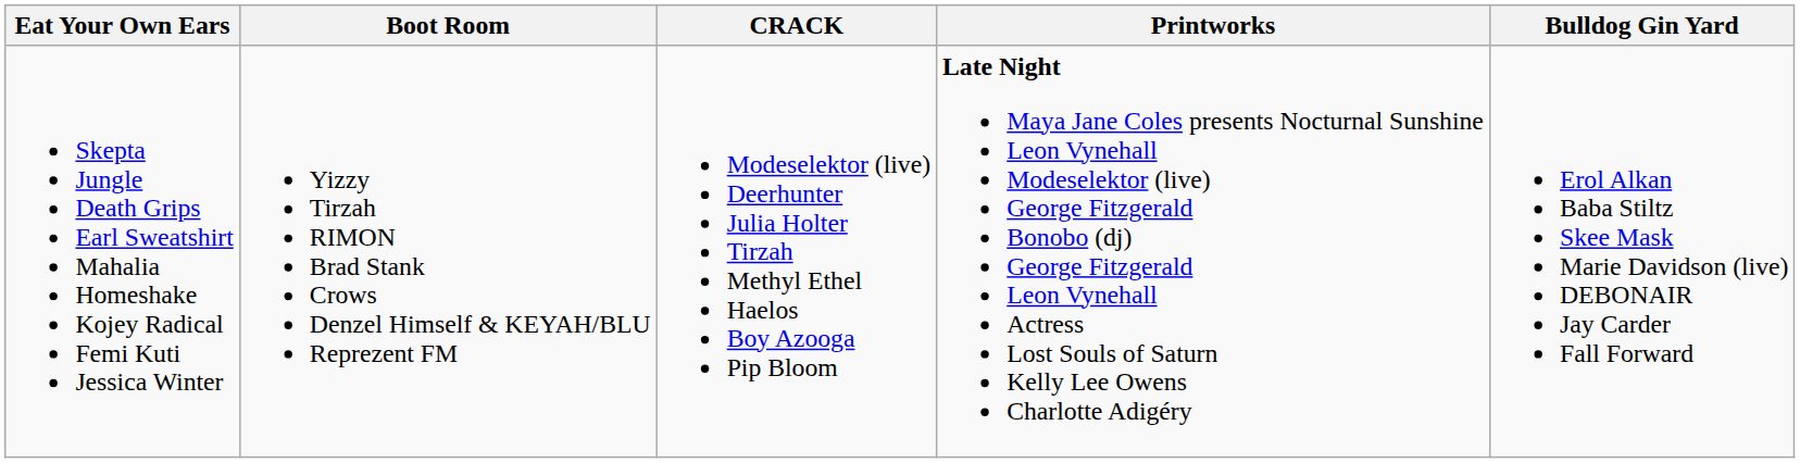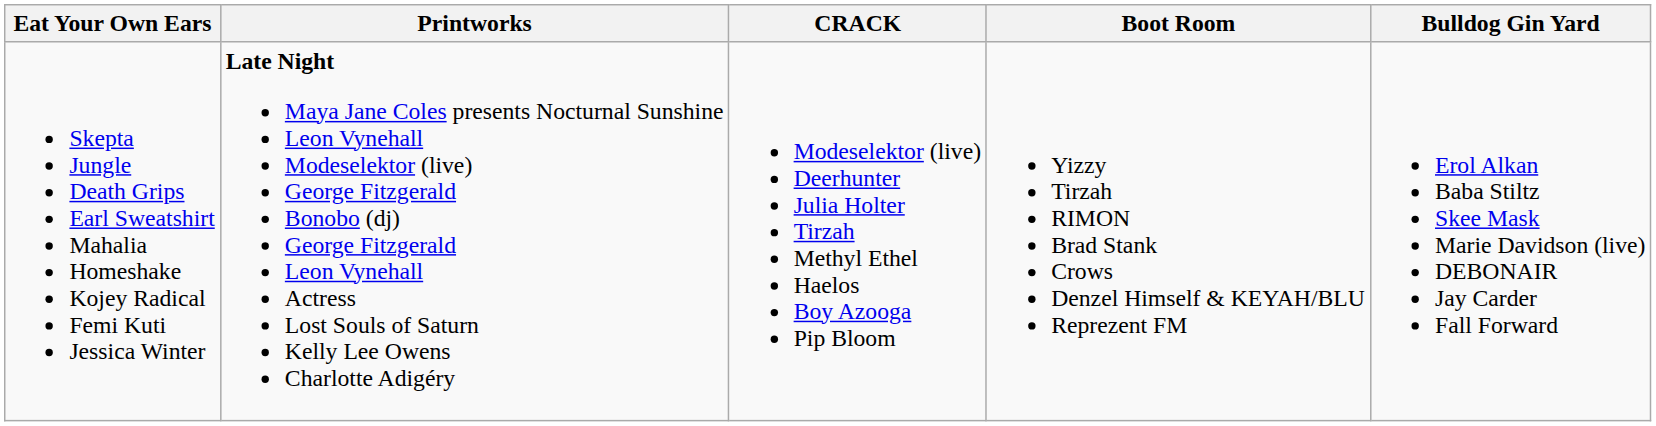 <table class="wikitable">
 <tr>
 <th>Eat Your Own Ears</th>
+<th>Printworks</th>
+<th>CRACK</th>
 <th>Boot Room</th>
-<th>CRACK</th>
-<th>Printworks</th>
 <th>Bulldog Gin Yard</th>
 </tr>
 <tr>
 <td><br><ul><li><a href='#'>Skepta</a></li><li><a href='#'>Jungle</a></li><li><a href='#'>Death Grips</a></li><li><a href='#'>Earl Sweatshirt</a></li><li>Mahalia</li><li>Homeshake</li><li>Kojey Radical</li><li>Femi Kuti</li><li>Jessica Winter</li></ul></td>
+<td><strong>Late Night</strong><br><ul><li><a href='#'>Maya Jane Coles</a> presents Nocturnal Sunshine</li><li><a href='#'>Leon Vynehall</a></li><li><a href='#'>Modeselektor</a> (live)</li><li><a href='#'>George Fitzgerald</a></li><li><a href='#'>Bonobo</a> (dj)</li><li><a href='#'>George Fitzgerald</a></li><li><a href='#'>Leon Vynehall</a></li><li>Actress</li><li>Lost Souls of Saturn</li><li>Kelly Lee Owens</li><li>Charlotte Adigéry</li></ul></td>
+<td><br><ul><li><a href='#'>Modeselektor</a> (live)</li><li><a href='#'>Deerhunter</a></li><li><a href='#'>Julia Holter</a></li><li><a href='#'>Tirzah</a></li><li>Methyl Ethel</li><li>Haelos</li><li><a href='#'>Boy Azooga</a></li><li>Pip Bloom</li></ul></td>
 <td><br><ul><li>Yizzy</li><li>Tirzah</li><li>RIMON</li><li>Brad Stank</li><li>Crows</li><li>Denzel Himself & KEYAH/BLU</li><li>Reprezent FM</li></ul></td>
-<td><br><ul><li><a href='#'>Modeselektor</a> (live)</li><li><a href='#'>Deerhunter</a></li><li><a href='#'>Julia Holter</a></li><li><a href='#'>Tirzah</a></li><li>Methyl Ethel</li><li>Haelos</li><li><a href='#'>Boy Azooga</a></li><li>Pip Bloom</li></ul></td>
-<td><strong>Late Night</strong><br><ul><li><a href='#'>Maya Jane Coles</a> presents Nocturnal Sunshine</li><li><a href='#'>Leon Vynehall</a></li><li><a href='#'>Modeselektor</a> (live)</li><li><a href='#'>George Fitzgerald</a></li><li><a href='#'>Bonobo</a> (dj)</li><li><a href='#'>George Fitzgerald</a></li><li><a href='#'>Leon Vynehall</a></li><li>Actress</li><li>Lost Souls of Saturn</li><li>Kelly Lee Owens</li><li>Charlotte Adigéry</li></ul></td>
 <td><br><ul><li><a href='#'>Erol Alkan</a></li><li>Baba Stiltz</li><li><a href='#'>Skee Mask</a></li><li>Marie Davidson (live)</li><li>DEBONAIR</li><li>Jay Carder</li><li>Fall Forward</li></ul></td>
 </tr>
 </table>
